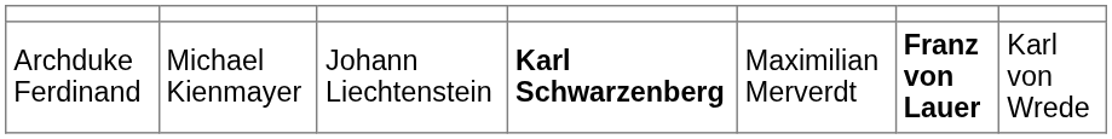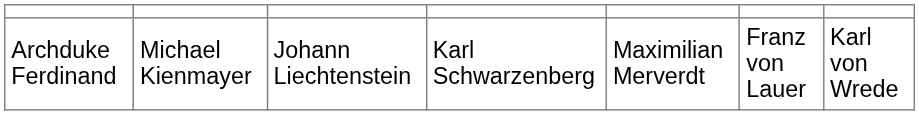 <table cellpadding=4 cellspacing=2 border=1 style="border-collapse:collapse;" class=>
 <tr>
 <td></td>
 <td></td>
 <td></td>
 <td></td>
 <td></td>
 <td></td>
 <td></td>
 </tr>
 <tr>
 <td>Archduke Ferdinand</td>
 <td>Michael Kienmayer</td>
 <td>Johann Liechtenstein</td>
-<td><strong>Karl Schwarzenberg</strong></td>
+<td>Karl Schwarzenberg</td>
 <td>Maximilian Merverdt</td>
-<td><strong>Franz von Lauer</strong></td>
+<td>Franz von Lauer</td>
 <td>Karl von Wrede</td>
 </tr>
 </table>
